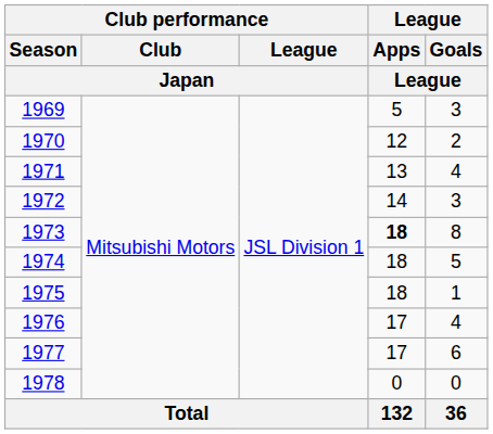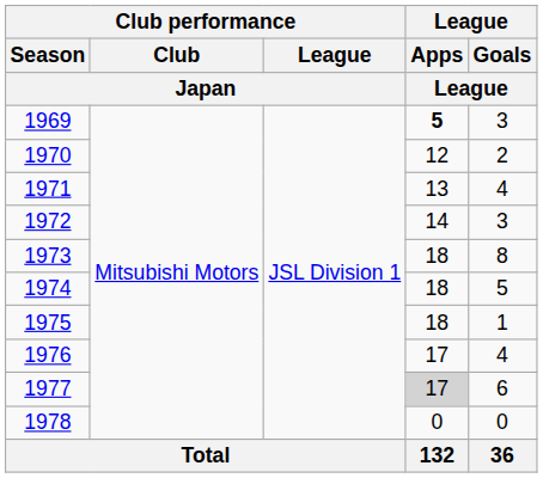 <table class="wikitable" style="text-align:center;">
 <tr>
 <th colspan=3>Club performance</th>
 <th colspan=2>League</th>
 </tr>
 <tr>
 <th>Season</th>
 <th>Club</th>
 <th>League</th>
 <th>Apps</th>
 <th>Goals</th>
 </tr>
 <tr>
 <th colspan=3>Japan</th>
 <th colspan=2>League</th>
 </tr>
 <tr>
 <td><a href='#'>1969</a></td>
 <td rowspan="10"><a href='#'>Mitsubishi Motors</a></td>
 <td rowspan="10"><a href='#'>JSL Division 1</a></td>
-<td>5</td>
+<td><strong>5</strong></td>
 <td>3</td>
 </tr>
 <tr>
 <td><a href='#'>1970</a></td>
 <td>12</td>
 <td>2</td>
 </tr>
 <tr>
 <td><a href='#'>1971</a></td>
 <td>13</td>
 <td>4</td>
 </tr>
 <tr>
 <td><a href='#'>1972</a></td>
 <td>14</td>
 <td>3</td>
 </tr>
 <tr>
 <td><a href='#'>1973</a></td>
-<td><strong>18</strong></td>
+<td>18</td>
 <td>8</td>
 </tr>
 <tr>
 <td><a href='#'>1974</a></td>
 <td>18</td>
 <td>5</td>
 </tr>
 <tr>
 <td><a href='#'>1975</a></td>
 <td>18</td>
 <td>1</td>
 </tr>
 <tr>
 <td><a href='#'>1976</a></td>
 <td>17</td>
 <td>4</td>
 </tr>
 <tr>
 <td><a href='#'>1977</a></td>
-<td>17</td>
+<td style="background: lightgrey;">17</td>
 <td>6</td>
 </tr>
 <tr>
 <td><a href='#'>1978</a></td>
 <td>0</td>
 <td>0</td>
 </tr>
 <tr>
 <th colspan=3>Total</th>
 <th>132</th>
 <th>36</th>
 </tr>
 </table>
